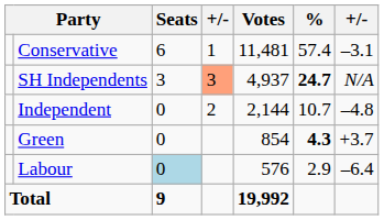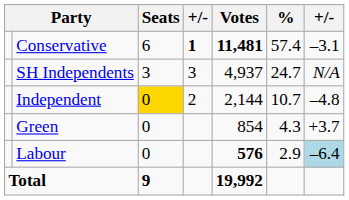 <table class="wikitable sortable">
 <tr>
 <th colspan="2">Party</th>
 <th>Seats</th>
 <th>+/-</th>
 <th>Votes</th>
 <th>%</th>
 <th>+/-</th>
 </tr>
 <tr>
 <td style="background-color: "></td>
 <td><a href='#'>Conservative</a></td>
 <td>6</td>
-<td> 1</td>
-<td style="text-align:right;">11,481</td>
+<td><strong> 1</strong></td>
+<td style="text-align:right;"><strong>11,481</strong></td>
 <td style="text-align:right;">57.4</td>
 <td style="text-align:right;">–3.1</td>
 </tr>
 <tr>
 <td style="background-color: "></td>
 <td><a href='#'>SH Independents</a></td>
 <td>3</td>
-<td style="background: lightsalmon;"> 3</td>
+<td> 3</td>
 <td style="text-align:right;">4,937</td>
-<td style="text-align:right;"><strong>24.7</strong></td>
+<td style="text-align:right;">24.7</td>
 <td style="text-align:right;"><em>N/A</em></td>
 </tr>
 <tr>
 <td style="background-color: "></td>
 <td><a href='#'>Independent</a></td>
-<td>0</td>
+<td style="background: gold;">0</td>
 <td> 2</td>
 <td style="text-align:right;">2,144</td>
 <td style="text-align:right;">10.7</td>
 <td style="text-align:right;">–4.8</td>
 </tr>
 <tr>
 <td style="background-color: "></td>
 <td><a href='#'>Green</a></td>
 <td>0</td>
 <td></td>
 <td style="text-align:right;">854</td>
-<td style="text-align:right;"><strong>4.3</strong></td>
+<td style="text-align:right;">4.3</td>
 <td style="text-align:right;">+3.7</td>
 </tr>
 <tr>
 <td style="background-color: "></td>
 <td><a href='#'>Labour</a></td>
-<td style="background: lightblue;">0</td>
+<td>0</td>
 <td></td>
-<td style="text-align:right;">576</td>
+<td style="text-align:right;"><strong>576</strong></td>
 <td style="text-align:right;">2.9</td>
-<td style="text-align:right;">–6.4</td>
+<td style="background: lightblue; text-align:right;">–6.4</td>
 </tr>
 <tr>
 <td colspan="2"><strong>Total</strong></td>
 <td><strong>9</strong></td>
 <td></td>
 <td style="text-align:right;"><strong>19,992</strong></td>
 <td style="text-align:right;"></td>
 <td style="text-align:right;"></td>
 </tr>
 </table>
